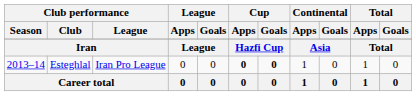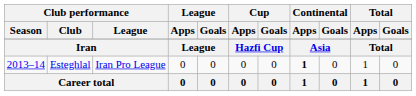 <table class="wikitable" style="text-align:center">
 <tr>
 <th colspan=3>Club performance</th>
 <th colspan=2>League</th>
 <th colspan=2>Cup</th>
 <th colspan=2>Continental</th>
 <th colspan=2>Total</th>
 </tr>
 <tr>
 <th>Season</th>
 <th>Club</th>
 <th>League</th>
 <th>Apps</th>
 <th>Goals</th>
 <th>Apps</th>
 <th>Goals</th>
 <th>Apps</th>
 <th>Goals</th>
 <th>Apps</th>
 <th>Goals</th>
 </tr>
 <tr>
 </tr>
 <tr>
 <th colspan=3>Iran</th>
 <th colspan=2>League</th>
 <th colspan=2><a href='#'>Hazfi Cup</a></th>
 <th colspan=2><a href='#'>Asia</a></th>
 <th colspan=2>Total</th>
 </tr>
 <tr>
 <td><a href='#'>2013–14</a></td>
 <td><a href='#'>Esteghlal</a></td>
 <td><a href='#'>Iran Pro League</a></td>
 <td>0</td>
 <td>0</td>
-<td><strong>0</strong></td>
-<td><strong>0</strong></td>
-<td>1</td>
+<td>0</td>
+<td>0</td>
+<td><strong>1</strong></td>
 <td>0</td>
 <td>1</td>
 <td>0</td>
 </tr>
 <tr>
 <th colspan=3>Career total</th>
 <th>0</th>
 <th>0</th>
 <th>0</th>
 <th>0</th>
 <th>1</th>
 <th>0</th>
 <th>1</th>
 <th>0</th>
 </tr>
 </table>
